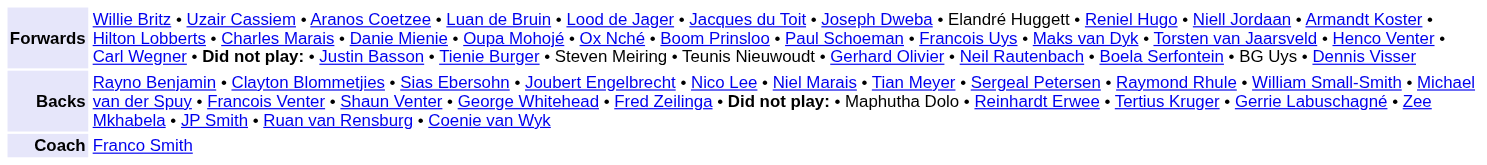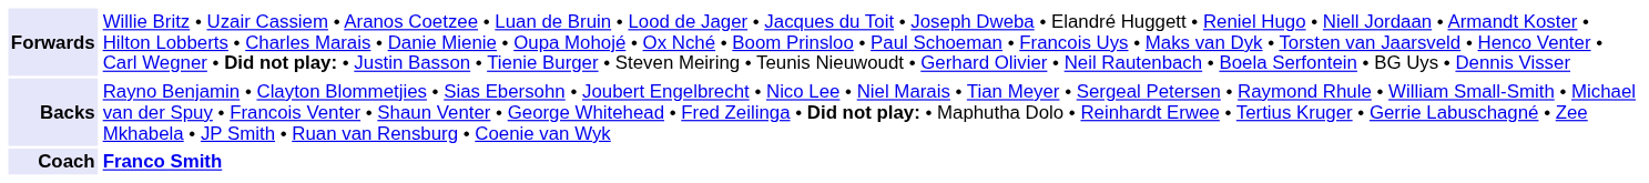 <table cellpadding="2" style="border: 1px solid white; font-size:90%;">
 <tr>
 <td style="text-align:right;" bgcolor="lavender"><strong>Forwards</strong></td>
 <td style="text-align:left;"><a href='#'>Willie Britz</a> • <a href='#'>Uzair Cassiem</a> • <a href='#'>Aranos Coetzee</a> • <a href='#'>Luan de Bruin</a> • <a href='#'>Lood de Jager</a> • <a href='#'>Jacques du Toit</a> • <a href='#'>Joseph Dweba</a> • Elandré Huggett • <a href='#'>Reniel Hugo</a> • <a href='#'>Niell Jordaan</a> • <a href='#'>Armandt Koster</a> • <a href='#'>Hilton Lobberts</a> • <a href='#'>Charles Marais</a> • <a href='#'>Danie Mienie</a> • <a href='#'>Oupa Mohojé</a> • <a href='#'>Ox Nché</a> • <a href='#'>Boom Prinsloo</a> • <a href='#'>Paul Schoeman</a> • <a href='#'>Francois Uys</a> • <a href='#'>Maks van Dyk</a> • <a href='#'>Torsten van Jaarsveld</a> • <a href='#'>Henco Venter</a> • <a href='#'>Carl Wegner</a> • <strong>Did not play:</strong> • <a href='#'>Justin Basson</a> • <a href='#'>Tienie Burger</a> • Steven Meiring • Teunis Nieuwoudt • <a href='#'>Gerhard Olivier</a> • <a href='#'>Neil Rautenbach</a> • <a href='#'>Boela Serfontein</a> • BG Uys • <a href='#'>Dennis Visser</a></td>
 </tr>
 <tr>
 <td style="text-align:right;" bgcolor="lavender"><strong>Backs</strong></td>
 <td style="text-align:left;"><a href='#'>Rayno Benjamin</a> • <a href='#'>Clayton Blommetjies</a> • <a href='#'>Sias Ebersohn</a> • <a href='#'>Joubert Engelbrecht</a> • <a href='#'>Nico Lee</a> • <a href='#'>Niel Marais</a> • <a href='#'>Tian Meyer</a> • <a href='#'>Sergeal Petersen</a> • <a href='#'>Raymond Rhule</a> • <a href='#'>William Small-Smith</a> • <a href='#'>Michael van der Spuy</a> • <a href='#'>Francois Venter</a> • <a href='#'>Shaun Venter</a> • <a href='#'>George Whitehead</a> • <a href='#'>Fred Zeilinga</a> • <strong>Did not play:</strong> • Maphutha Dolo • <a href='#'>Reinhardt Erwee</a> • <a href='#'>Tertius Kruger</a> • <a href='#'>Gerrie Labuschagné</a> • <a href='#'>Zee Mkhabela</a> • <a href='#'>JP Smith</a> • <a href='#'>Ruan van Rensburg</a> • <a href='#'>Coenie van Wyk</a></td>
 </tr>
 <tr>
 <td style="text-align:right;" bgcolor="lavender"><strong>Coach</strong></td>
-<td style="text-align:left;"><a href='#'>Franco Smith</a></td>
+<td style="text-align:left;"><strong><a href='#'>Franco Smith</a></strong></td>
 </tr>
 </table>
